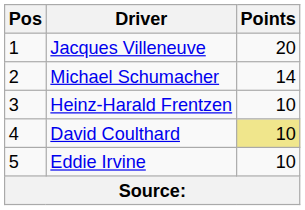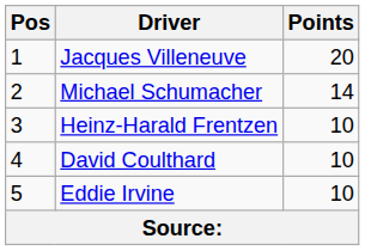 <table class="wikitable" style="font-size: 95%;">
 <tr>
 <th>Pos</th>
 <th>Driver</th>
 <th>Points</th>
 </tr>
 <tr>
 <td>1</td>
 <td> <a href='#'>Jacques Villeneuve</a></td>
 <td align="right">20</td>
 </tr>
 <tr>
 <td>2</td>
 <td> <a href='#'>Michael Schumacher</a></td>
 <td align="right">14</td>
 </tr>
 <tr>
 <td>3</td>
 <td> <a href='#'>Heinz-Harald Frentzen</a></td>
 <td align="right">10</td>
 </tr>
 <tr>
 <td>4</td>
 <td> <a href='#'>David Coulthard</a></td>
-<td align="right" style="background: khaki;">10</td>
+<td align="right">10</td>
 </tr>
 <tr>
 <td>5</td>
 <td> <a href='#'>Eddie Irvine</a></td>
 <td align="right">10</td>
 </tr>
 <tr>
 <th colspan=4>Source: </th>
 </tr>
 </table>
